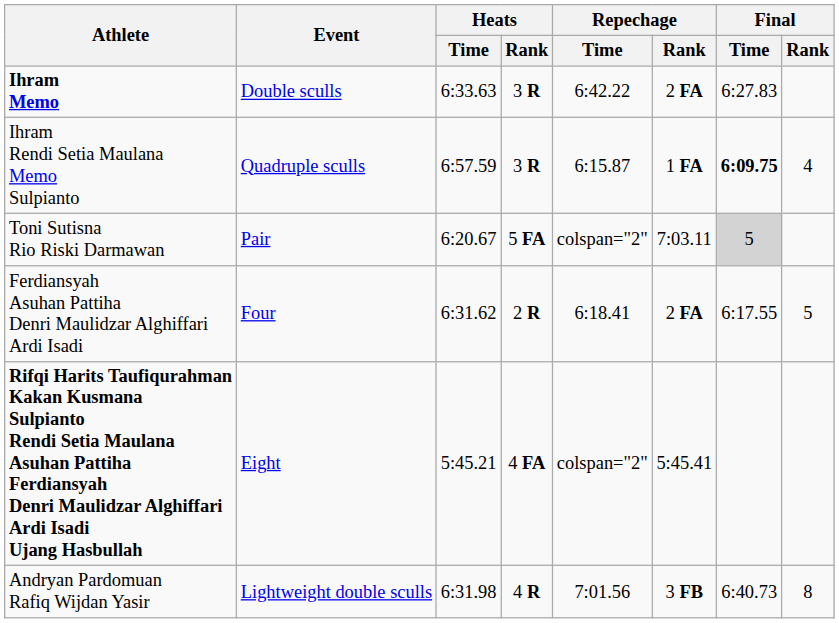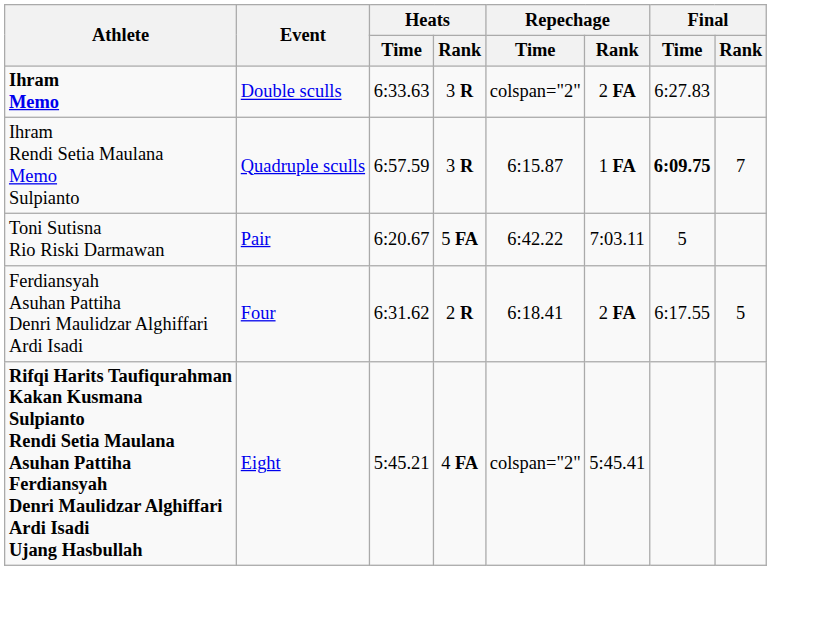 <table class=wikitable style="text-align:center; font-size:90%">
 <tr>
 <th rowspan="2">Athlete</th>
 <th rowspan="2">Event</th>
 <th colspan="2">Heats</th>
 <th colspan="2">Repechage</th>
 <th colspan="2">Final</th>
 </tr>
 <tr>
 <th>Time</th>
 <th>Rank</th>
 <th>Time</th>
 <th>Rank</th>
 <th>Time</th>
 <th>Rank</th>
 </tr>
 <tr>
 <td align="left"><strong>Ihram<br><a href='#'>Memo</a></strong></td>
 <td align="left"><a href='#'>Double sculls</a></td>
 <td>6:33.63</td>
 <td>3 <strong>R</strong></td>
-<td>6:42.22</td>
+<td>colspan="2" </td>
 <td>2 <strong>FA</strong></td>
 <td>6:27.83</td>
 <td></td>
 </tr>
 <tr>
 <td align="left">Ihram<br>Rendi Setia Maulana<br><a href='#'>Memo</a><br>Sulpianto</td>
 <td align="left"><a href='#'>Quadruple sculls</a></td>
 <td>6:57.59</td>
 <td>3 <strong>R</strong></td>
 <td>6:15.87</td>
 <td>1 <strong>FA</strong></td>
 <td><strong>6:09.75</strong></td>
-<td>4</td>
+<td>7</td>
 </tr>
 <tr>
 <td align="left">Toni Sutisna<br>Rio Riski Darmawan</td>
 <td align="left"><a href='#'>Pair</a></td>
 <td>6:20.67</td>
 <td>5 <strong>FA</strong></td>
-<td>colspan="2" </td>
+<td>6:42.22</td>
 <td>7:03.11</td>
-<td style="background: lightgrey;">5</td>
+<td>5</td>
 </tr>
 <tr>
 <td align="left">Ferdiansyah<br>Asuhan Pattiha<br>Denri Maulidzar Alghiffari<br>Ardi Isadi</td>
 <td align="left"><a href='#'>Four</a></td>
 <td>6:31.62</td>
 <td>2 <strong>R</strong></td>
 <td>6:18.41</td>
 <td>2 <strong>FA</strong></td>
 <td>6:17.55</td>
 <td>5</td>
 </tr>
 <tr>
 <td align="left"><strong>Rifqi Harits Taufiqurahman<br>Kakan Kusmana<br>Sulpianto<br>Rendi Setia Maulana<br>Asuhan Pattiha<br>Ferdiansyah<br>Denri Maulidzar Alghiffari<br>Ardi Isadi<br>Ujang Hasbullah</strong></td>
 <td align="left"><a href='#'>Eight</a></td>
 <td>5:45.21</td>
 <td>4 <strong>FA</strong></td>
 <td>colspan="2" </td>
 <td>5:45.41</td>
 <td></td>
 </tr>
-<tr>
-<td align="left">Andryan Pardomuan<br>Rafiq Wijdan Yasir</td>
-<td align="left"><a href='#'>Lightweight double sculls</a></td>
-<td>6:31.98</td>
-<td>4 <strong>R</strong></td>
-<td>7:01.56</td>
-<td>3 <strong>FB</strong></td>
-<td>6:40.73</td>
-<td>8</td>
-</tr>
 </table>
